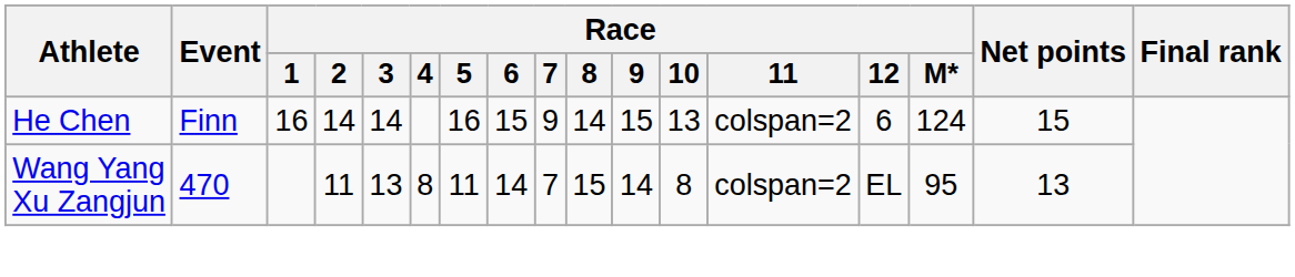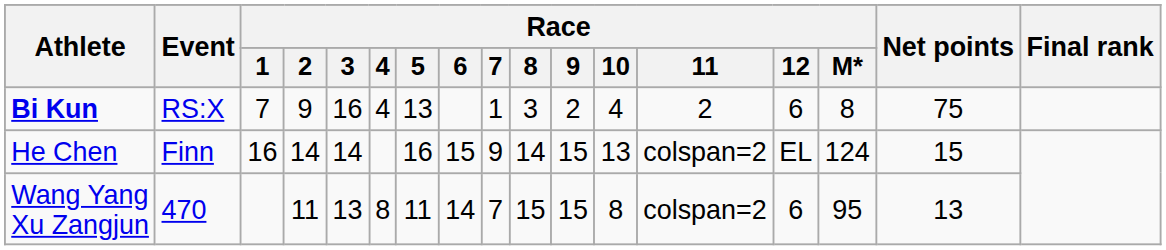 <table class="wikitable" style="font-size:90%">
 <tr>
 <th rowspan="2">Athlete</th>
 <th rowspan="2">Event</th>
 <th colspan=13>Race</th>
 <th rowspan=2>Net points</th>
 <th rowspan=2>Final rank</th>
 </tr>
 <tr style="font-size:95%">
 <th>1</th>
 <th>2</th>
 <th>3</th>
 <th>4</th>
 <th>5</th>
 <th>6</th>
 <th>7</th>
 <th>8</th>
 <th>9</th>
 <th>10</th>
 <th>11</th>
 <th>12</th>
 <th>M*</th>
 </tr>
 <tr align=center>
+<td align=left><strong><a href='#'>Bi Kun</a></strong></td>
+<td align=left><a href='#'>RS:X</a></td>
+<td>7</td>
+<td>9</td>
+<td>16</td>
+<td>4</td>
+<td>13</td>
+<td></td>
+<td>1</td>
+<td>3</td>
+<td>2</td>
+<td>4</td>
+<td>2</td>
+<td>6</td>
+<td>8</td>
+<td>75</td>
+<td></td>
+</tr>
+<tr align=center>
 <td align=left><a href='#'>He Chen</a></td>
 <td align=left><a href='#'>Finn</a></td>
 <td>16</td>
 <td>14</td>
 <td>14</td>
 <td></td>
 <td>16</td>
 <td>15</td>
 <td>9</td>
 <td>14</td>
 <td>15</td>
 <td>13</td>
 <td>colspan=2 </td>
-<td>6</td>
+<td>EL</td>
 <td>124</td>
 <td>15</td>
 </tr>
 <tr align=center>
 <td align=left><a href='#'>Wang Yang</a><br><a href='#'>Xu Zangjun</a></td>
 <td align=left><a href='#'>470</a></td>
 <td></td>
 <td>11</td>
 <td>13</td>
 <td>8</td>
 <td>11</td>
 <td>14</td>
 <td>7</td>
 <td>15</td>
-<td>14</td>
+<td>15</td>
 <td>8</td>
 <td>colspan=2 </td>
-<td>EL</td>
+<td>6</td>
 <td>95</td>
 <td>13</td>
 </tr>
 </table>
